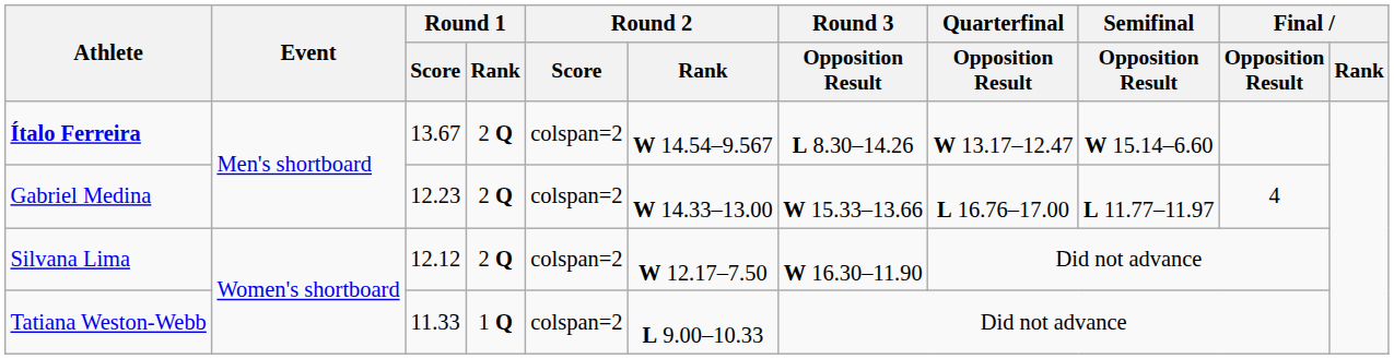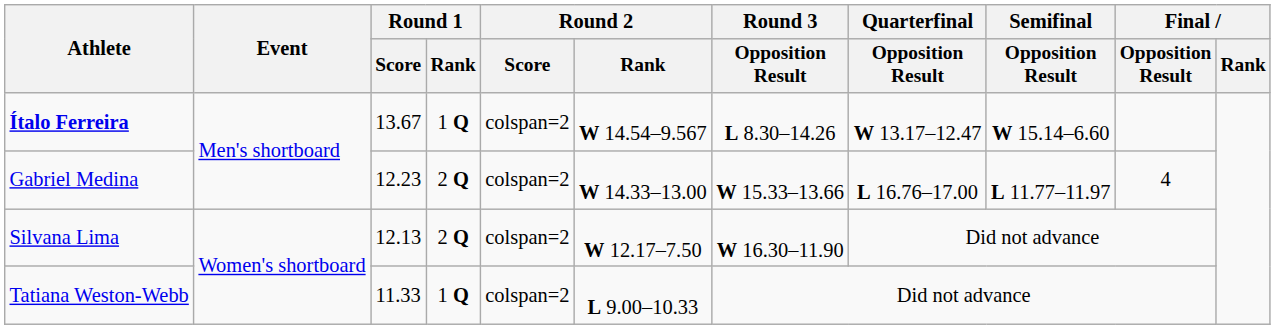 <table class="wikitable" style="font-size:90%">
 <tr>
 <th rowspan=2>Athlete</th>
 <th rowspan=2>Event</th>
 <th colspan=2>Round 1</th>
 <th colspan=2>Round 2</th>
 <th>Round 3</th>
 <th>Quarterfinal</th>
 <th>Semifinal</th>
 <th colspan=2>Final / </th>
 </tr>
 <tr style=font-size:95%>
 <th>Score</th>
 <th>Rank</th>
 <th>Score</th>
 <th>Rank</th>
 <th>Opposition<br>Result</th>
 <th>Opposition<br>Result</th>
 <th>Opposition<br>Result</th>
 <th>Opposition<br>Result</th>
 <th>Rank</th>
 </tr>
 <tr align=center>
 <td align=left><strong><a href='#'>Ítalo Ferreira</a></strong></td>
 <td align=left rowspan=2><a href='#'>Men's shortboard</a></td>
 <td>13.67</td>
-<td>2 <strong>Q</strong></td>
+<td>1 <strong>Q</strong></td>
 <td>colspan=2 </td>
 <td><br><strong>W</strong> 14.54–9.567</td>
 <td><br><strong>L</strong> 8.30–14.26</td>
 <td><br><strong>W</strong> 13.17–12.47</td>
 <td><br><strong>W</strong> 15.14–6.60</td>
 <td></td>
 </tr>
 <tr align=center>
 <td align=left><a href='#'>Gabriel Medina</a></td>
 <td>12.23</td>
 <td>2 <strong>Q</strong></td>
 <td>colspan=2 </td>
 <td><br><strong>W</strong> 14.33–13.00</td>
 <td><br><strong>W</strong> 15.33–13.66</td>
 <td><br><strong>L</strong> 16.76–17.00</td>
 <td><br><strong>L</strong> 11.77–11.97</td>
 <td>4</td>
 </tr>
 <tr align=center>
 <td align=left><a href='#'>Silvana Lima</a></td>
 <td align=left rowspan=2><a href='#'>Women's shortboard</a></td>
-<td>12.12</td>
+<td>12.13</td>
 <td>2 <strong>Q</strong></td>
 <td>colspan=2 </td>
 <td><br><strong>W</strong> 12.17–7.50</td>
 <td><br><strong>W</strong> 16.30–11.90</td>
 <td colspan="3">Did not advance</td>
 </tr>
 <tr align=center>
 <td align=left><a href='#'>Tatiana Weston-Webb</a></td>
 <td>11.33</td>
 <td>1 <strong>Q</strong></td>
 <td>colspan=2 </td>
 <td><br><strong>L</strong> 9.00–10.33</td>
 <td colspan="4">Did not advance</td>
 </tr>
 </table>
